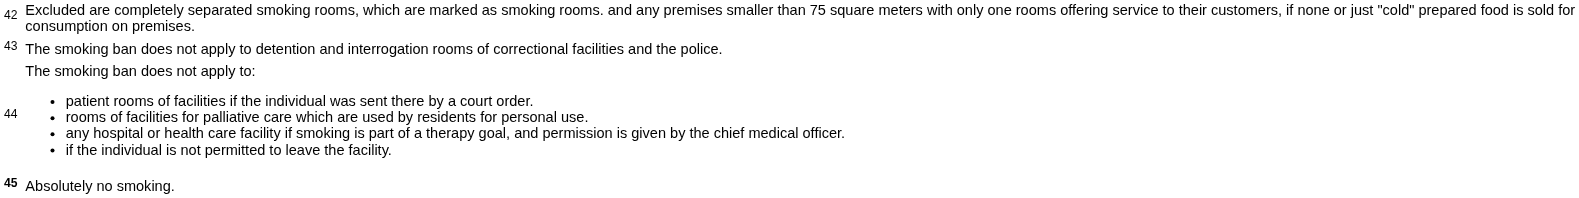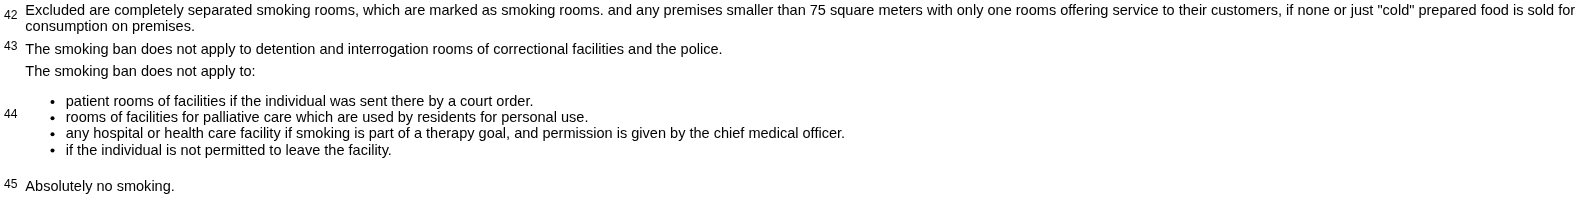 <table class="toptextcells" style="font-size: 90%;">
 <tr>
 <td style="text-align: right; padding-right: 0.33em"><sup>42</sup></td>
 <td>Excluded are completely separated smoking rooms, which are marked as smoking rooms. and any premises smaller than 75 square meters with only one rooms offering service to their customers, if none or just "cold" prepared food is sold for consumption on premises.</td>
 </tr>
 <tr>
 <td style="text-align: right; padding-right: 0.33em"><sup>43</sup></td>
 <td>The smoking ban does not apply to detention and interrogation rooms of correctional facilities and the police.</td>
 </tr>
 <tr>
 <td style="text-align: right; padding-right: 0.33em"><sup>44</sup></td>
 <td>The smoking ban does not apply to:<br><ul><li>patient rooms of facilities if the individual was sent there by a court order.</li><li>rooms of facilities for palliative care which are used by residents for personal use.</li><li>any hospital or health care facility if smoking is part of a therapy goal, and permission is given by the chief medical officer.</li><li>if the individual is not permitted to leave the facility.</li></ul></td>
 </tr>
 <tr>
-<td style="text-align: right; padding-right: 0.33em"><strong><sup>45</sup></strong></td>
+<td style="text-align: right; padding-right: 0.33em"><sup>45</sup></td>
 <td>Absolutely no smoking.</td>
 </tr>
 </table>
